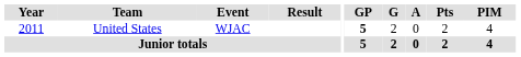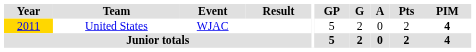 <table border="0" cellpadding="1" cellspacing="0" ID="Table3" style="text-align:center; width:40em">
 <tr ALIGN="center" bgcolor="#e0e0e0">
 <th>Year</th>
 <th>Team</th>
 <th>Event</th>
 <th>Result</th>
 <th rowspan="99" bgcolor="#ffffff"></th>
 <th>GP</th>
 <th>G</th>
 <th>A</th>
 <th>Pts</th>
 <th>PIM</th>
 </tr>
 <tr>
-<td><a href='#'>2011</a></td>
+<td style="background: gold;"><a href='#'>2011</a></td>
 <td><a href='#'>United States</a></td>
 <td><a href='#'>WJAC</a></td>
 <td></td>
-<td><strong>5</strong></td>
+<td>5</td>
 <td>2</td>
 <td>0</td>
 <td>2</td>
-<td>4</td>
+<td><strong>4</strong></td>
 </tr>
 <tr ALIGN="center" bgcolor="#e0e0e0">
 <th colspan=4>Junior totals</th>
 <th>5</th>
 <th>2</th>
 <th>0</th>
 <th>2</th>
 <th>4</th>
 </tr>
 </table>
